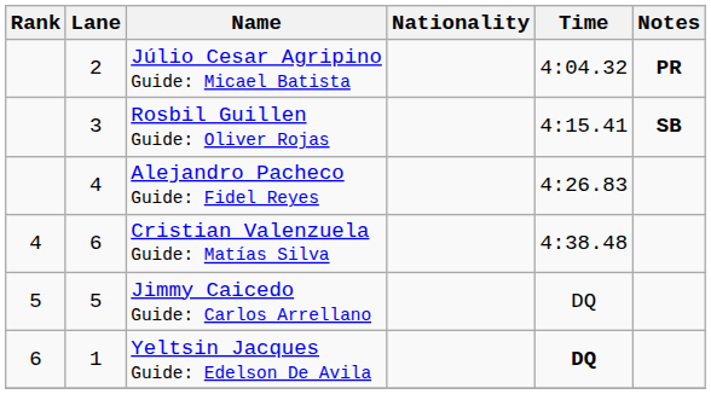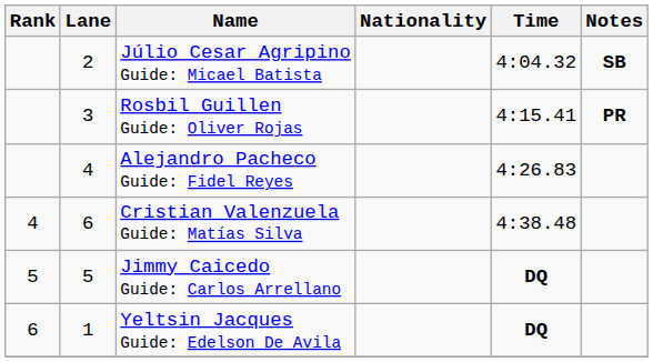 <table class="wikitable sortable" style="text-align:center">
 <tr>
 <th>Rank</th>
 <th>Lane</th>
 <th>Name</th>
 <th>Nationality</th>
 <th>Time</th>
 <th>Notes</th>
 </tr>
 <tr>
 <td></td>
 <td>2</td>
 <td align=left><a href='#'>Júlio Cesar Agripino</a><br><small>Guide: <a href='#'>Micael Batista</a></small></td>
 <td align=left></td>
 <td>4:04.32</td>
-<td><strong>PR</strong></td>
+<td><strong>SB</strong></td>
 </tr>
 <tr>
 <td></td>
 <td>3</td>
 <td align=left><a href='#'>Rosbil Guillen</a><br><small>Guide: <a href='#'>Oliver Rojas</a></small></td>
 <td align=left></td>
 <td>4:15.41</td>
-<td><strong>SB</strong></td>
+<td><strong>PR</strong></td>
 </tr>
 <tr>
 <td></td>
 <td>4</td>
 <td align=left><a href='#'>Alejandro Pacheco</a><br><small>Guide: <a href='#'>Fidel Reyes</a></small></td>
 <td align=left></td>
 <td>4:26.83</td>
 <td></td>
 </tr>
 <tr>
 <td>4</td>
 <td>6</td>
 <td align=left><a href='#'>Cristian Valenzuela</a><br><small>Guide: <a href='#'>Matías Silva</a></small></td>
 <td align=left></td>
 <td>4:38.48</td>
 <td></td>
 </tr>
 <tr>
 <td>5</td>
 <td>5</td>
 <td align=left><a href='#'>Jimmy Caicedo</a><br><small>Guide: <a href='#'>Carlos Arrellano</a></small></td>
 <td align=left></td>
-<td>DQ</td>
+<td><strong>DQ</strong></td>
 <td></td>
 </tr>
 <tr>
 <td>6</td>
 <td>1</td>
 <td align=left><a href='#'>Yeltsin Jacques</a><br><small>Guide: <a href='#'>Edelson De Avila</a></small></td>
 <td align=left></td>
 <td><strong>DQ</strong></td>
 <td></td>
 </tr>
 <tr>
 </tr>
 </table>
